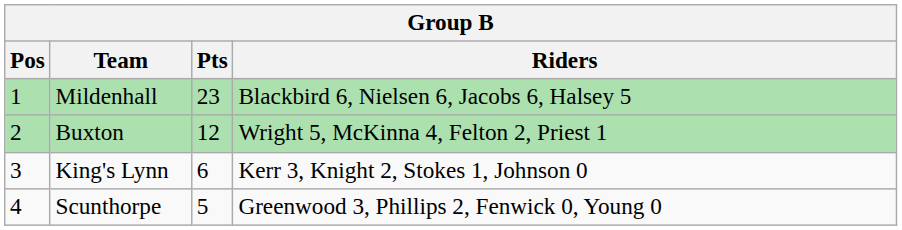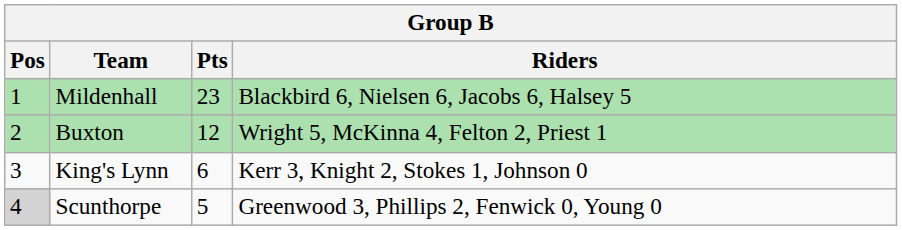 <table class="wikitable">
 <tr>
 <th colspan="4">Group B</th>
 </tr>
 <tr>
 <th width=20>Pos</th>
 <th width=90>Team</th>
 <th width=20>Pts</th>
 <th width=450>Riders</th>
 </tr>
 <tr style="background:#ACE1AF;">
 <td>1</td>
 <td align=left>Mildenhall</td>
 <td>23</td>
 <td>Blackbird 6, Nielsen 6, Jacobs 6, Halsey 5</td>
 </tr>
 <tr style="background:#ACE1AF;">
 <td>2</td>
 <td align=left>Buxton</td>
 <td>12</td>
 <td>Wright 5, McKinna 4, Felton 2, Priest 1</td>
 </tr>
 <tr>
 <td>3</td>
 <td align=left>King's Lynn</td>
 <td>6</td>
 <td>Kerr 3, Knight 2, Stokes 1, Johnson 0</td>
 </tr>
 <tr>
-<td>4</td>
+<td style="background: lightgrey;">4</td>
 <td align=left>Scunthorpe</td>
 <td>5</td>
 <td>Greenwood 3, Phillips 2, Fenwick 0, Young 0</td>
 </tr>
 </table>
